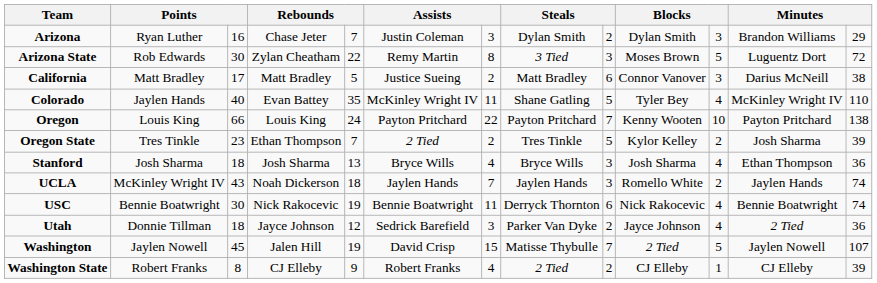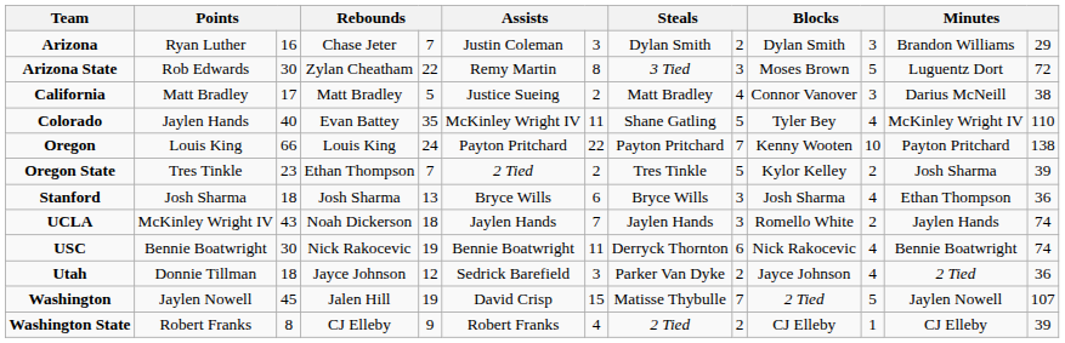 <table class="wikitable" style="text-align:center">
 <tr>
 <th>Team</th>
 <th colspan=2>Points</th>
 <th colspan=2>Rebounds</th>
 <th colspan=2>Assists</th>
 <th colspan=2>Steals</th>
 <th colspan=2>Blocks</th>
 <th colspan=2>Minutes</th>
 </tr>
 <tr>
 <td><strong>Arizona</strong></td>
 <td>Ryan Luther</td>
 <td>16</td>
 <td>Chase Jeter</td>
 <td>7</td>
 <td>Justin Coleman</td>
 <td>3</td>
 <td>Dylan Smith</td>
 <td>2</td>
 <td>Dylan Smith</td>
 <td>3</td>
 <td>Brandon Williams</td>
 <td>29</td>
 </tr>
 <tr>
 <td><strong>Arizona State</strong></td>
 <td>Rob Edwards</td>
 <td>30</td>
 <td>Zylan Cheatham</td>
 <td>22</td>
 <td>Remy Martin</td>
 <td>8</td>
 <td><em>3 Tied</em></td>
 <td>3</td>
 <td>Moses Brown</td>
 <td>5</td>
 <td>Luguentz Dort</td>
 <td>72</td>
 </tr>
 <tr>
 <td><strong>California</strong></td>
 <td>Matt Bradley</td>
 <td>17</td>
 <td>Matt Bradley</td>
 <td>5</td>
 <td>Justice Sueing</td>
 <td>2</td>
 <td>Matt Bradley</td>
-<td>6</td>
+<td>4</td>
 <td>Connor Vanover</td>
 <td>3</td>
 <td>Darius McNeill</td>
 <td>38</td>
 </tr>
 <tr>
 <td><strong>Colorado</strong></td>
 <td>Jaylen Hands</td>
 <td>40</td>
 <td>Evan Battey</td>
 <td>35</td>
 <td>McKinley Wright IV</td>
 <td>11</td>
 <td>Shane Gatling</td>
 <td>5</td>
 <td>Tyler Bey</td>
 <td>4</td>
 <td>McKinley Wright IV</td>
 <td>110</td>
 </tr>
 <tr>
 <td><strong>Oregon</strong></td>
 <td>Louis King</td>
 <td>66</td>
 <td>Louis King</td>
 <td>24</td>
 <td>Payton Pritchard</td>
 <td>22</td>
 <td>Payton Pritchard</td>
 <td>7</td>
 <td>Kenny Wooten</td>
 <td>10</td>
 <td>Payton Pritchard</td>
 <td>138</td>
 </tr>
 <tr>
 <td><strong>Oregon State</strong></td>
 <td>Tres Tinkle</td>
 <td>23</td>
 <td>Ethan Thompson</td>
 <td>7</td>
 <td><em>2 Tied</em></td>
 <td>2</td>
 <td>Tres Tinkle</td>
 <td>5</td>
 <td>Kylor Kelley</td>
 <td>2</td>
 <td>Josh Sharma</td>
 <td>39</td>
 </tr>
 <tr>
 <td><strong>Stanford</strong></td>
 <td>Josh Sharma</td>
 <td>18</td>
 <td>Josh Sharma</td>
 <td>13</td>
 <td>Bryce Wills</td>
-<td>4</td>
+<td>6</td>
 <td>Bryce Wills</td>
 <td>3</td>
 <td>Josh Sharma</td>
 <td>4</td>
 <td>Ethan Thompson</td>
 <td>36</td>
 </tr>
 <tr>
 <td><strong>UCLA</strong></td>
 <td>McKinley Wright IV</td>
 <td>43</td>
 <td>Noah Dickerson</td>
 <td>18</td>
 <td>Jaylen Hands</td>
 <td>7</td>
 <td>Jaylen Hands</td>
 <td>3</td>
 <td>Romello White</td>
 <td>2</td>
 <td>Jaylen Hands</td>
 <td>74</td>
 </tr>
 <tr>
 <td><strong>USC</strong></td>
 <td>Bennie Boatwright</td>
 <td>30</td>
 <td>Nick Rakocevic</td>
 <td>19</td>
 <td>Bennie Boatwright</td>
 <td>11</td>
 <td>Derryck Thornton</td>
 <td>6</td>
 <td>Nick Rakocevic</td>
 <td>4</td>
 <td>Bennie Boatwright</td>
 <td>74</td>
 </tr>
 <tr>
 <td><strong>Utah</strong></td>
 <td>Donnie Tillman</td>
 <td>18</td>
 <td>Jayce Johnson</td>
 <td>12</td>
 <td>Sedrick Barefield</td>
 <td>3</td>
 <td>Parker Van Dyke</td>
 <td>2</td>
 <td>Jayce Johnson</td>
 <td>4</td>
 <td><em>2 Tied</em></td>
 <td>36</td>
 </tr>
 <tr>
 <td><strong>Washington</strong></td>
 <td>Jaylen Nowell</td>
 <td>45</td>
 <td>Jalen Hill</td>
 <td>19</td>
 <td>David Crisp</td>
 <td>15</td>
 <td>Matisse Thybulle</td>
 <td>7</td>
 <td><em>2 Tied</em></td>
 <td>5</td>
 <td>Jaylen Nowell</td>
 <td>107</td>
 </tr>
 <tr>
 <td><strong>Washington State</strong></td>
 <td>Robert Franks</td>
 <td>8</td>
 <td>CJ Elleby</td>
 <td>9</td>
 <td>Robert Franks</td>
 <td>4</td>
 <td><em>2 Tied</em></td>
 <td>2</td>
 <td>CJ Elleby</td>
 <td>1</td>
 <td>CJ Elleby</td>
 <td>39</td>
 </tr>
 </table>
